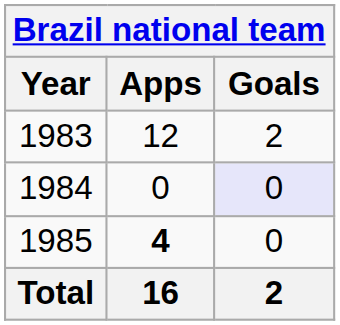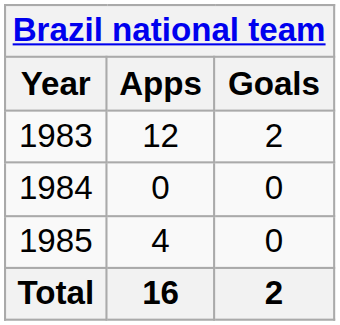 <table class="wikitable" style="text-align:center">
 <tr>
 <th colspan=3><a href='#'>Brazil national team</a></th>
 </tr>
 <tr>
 <th>Year</th>
 <th>Apps</th>
 <th>Goals</th>
 </tr>
 <tr>
 <td>1983</td>
 <td>12</td>
 <td>2</td>
 </tr>
 <tr>
 <td>1984</td>
 <td>0</td>
-<td style="background: lavender;">0</td>
+<td>0</td>
 </tr>
 <tr>
 <td>1985</td>
-<td><strong>4</strong></td>
+<td>4</td>
 <td>0</td>
 </tr>
 <tr>
 <th>Total</th>
 <th>16</th>
 <th>2</th>
 </tr>
 </table>
